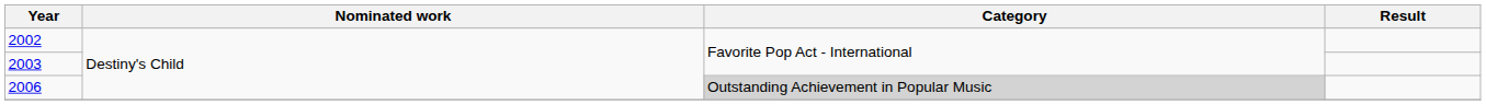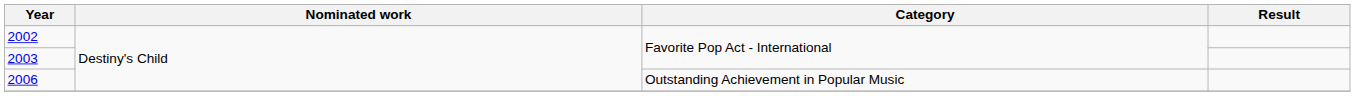 <table class="wikitable" width="100%">
 <tr>
 <th width="5%">Year</th>
 <th width="40%">Nominated work</th>
 <th width="40%">Category</th>
 <th width="10%">Result</th>
 </tr>
 <tr>
 <td><a href='#'>2002</a></td>
 <td rowspan="3">Destiny's Child</td>
 <td rowspan="2">Favorite Pop Act - International</td>
 <td></td>
 </tr>
 <tr>
 <td><a href='#'>2003</a></td>
 <td></td>
 </tr>
 <tr>
 <td><a href='#'>2006</a></td>
-<td style="background: lightgrey;">Outstanding Achievement in Popular Music</td>
+<td>Outstanding Achievement in Popular Music</td>
 <td></td>
 </tr>
 <tr>
 </tr>
 </table>
